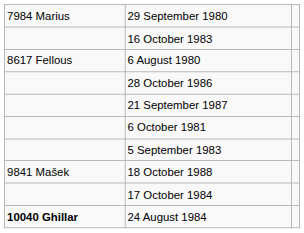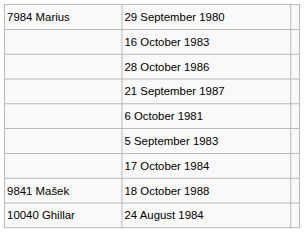 <table class="wikitable" style="font-size: 89%; float: left; width: 26em; margin-right: 1em; height: 280px;">
 <tr>
 <td>7984 Marius</td>
 <td>29 September 1980</td>
 <td></td>
 </tr>
 <tr>
 <td></td>
 <td>16 October 1983</td>
-<td></td>
-</tr>
-<tr>
-<td>8617 Fellous</td>
-<td>6 August 1980</td>
 <td></td>
 </tr>
 <tr>
 <td></td>
 <td>28 October 1986</td>
 <td></td>
 </tr>
 <tr>
 <td></td>
 <td>21 September 1987</td>
 <td></td>
 </tr>
 <tr>
 <td></td>
 <td>6 October 1981</td>
 <td></td>
 </tr>
 <tr>
 <td></td>
 <td>5 September 1983</td>
 <td></td>
 </tr>
 <tr>
+<td></td>
+<td>17 October 1984</td>
+<td></td>
+</tr>
+<tr>
 <td>9841 Mašek</td>
 <td>18 October 1988</td>
 <td></td>
 </tr>
 <tr>
-<td></td>
-<td>17 October 1984</td>
-<td></td>
-</tr>
-<tr>
-<td><strong>10040 Ghillar</strong></td>
+<td>10040 Ghillar</td>
 <td>24 August 1984</td>
 <td></td>
 </tr>
 </table>
